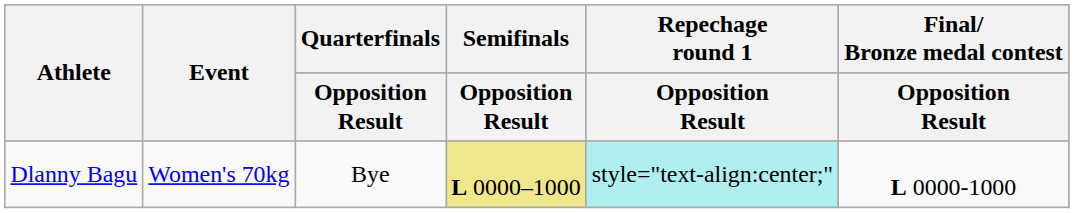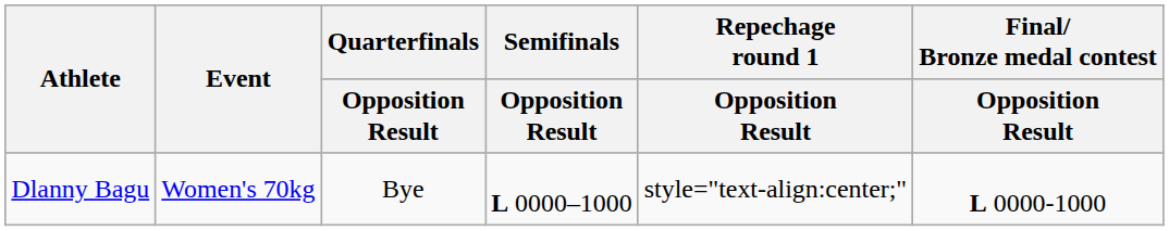 <table class=wikitable style="font-size:90%">
 <tr>
 <th rowspan="2">Athlete</th>
 <th rowspan="2">Event</th>
 <th>Quarterfinals</th>
 <th>Semifinals</th>
 <th>Repechage <br>round 1</th>
 <th>Final/<br>Bronze medal contest</th>
 </tr>
 <tr>
 <th>Opposition<br>Result</th>
 <th>Opposition<br>Result</th>
 <th>Opposition<br>Result</th>
 <th>Opposition<br>Result</th>
 </tr>
 <tr>
 <td><a href='#'>Dlanny Bagu</a></td>
 <td style="text-align:center;"><a href='#'>Women's 70kg</a></td>
 <td style="text-align:center;">Bye</td>
-<td style="background: khaki; text-align:center;"><br> <strong>L</strong> 0000–1000</td>
-<td style="background: paleturquoise;">style="text-align:center;" </td>
+<td style="text-align:center;"><br> <strong>L</strong> 0000–1000</td>
+<td>style="text-align:center;" </td>
 <td style="text-align:center;"><br> <strong>L</strong> 0000-1000</td>
 </tr>
 </table>
